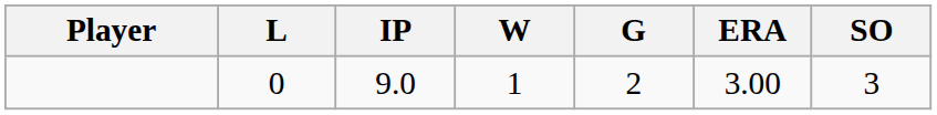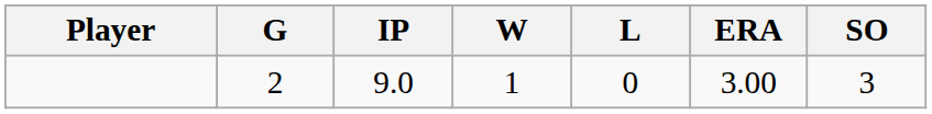 <table class="wikitable sortable">
 <tr>
 <th bgcolor="#DDDDFF" width="16%">Player</th>
-<th bgcolor="#DDDDFF" width="9%">L</th>
+<th bgcolor="#DDDDFF" width="9%">G</th>
 <th bgcolor="#DDDDFF" width="9%">IP</th>
 <th bgcolor="#DDDDFF" width="9%">W</th>
-<th bgcolor="#DDDDFF" width="9%">G</th>
+<th bgcolor="#DDDDFF" width="9%">L</th>
 <th bgcolor="#DDDDFF" width="9%">ERA</th>
 <th bgcolor="#DDDDFF" width="9%">SO</th>
 </tr>
 <tr align="center">
 <td></td>
-<td>0</td>
+<td>2</td>
 <td>9.0</td>
 <td>1</td>
-<td>2</td>
+<td>0</td>
 <td>3.00</td>
 <td>3</td>
 </tr>
 </table>
